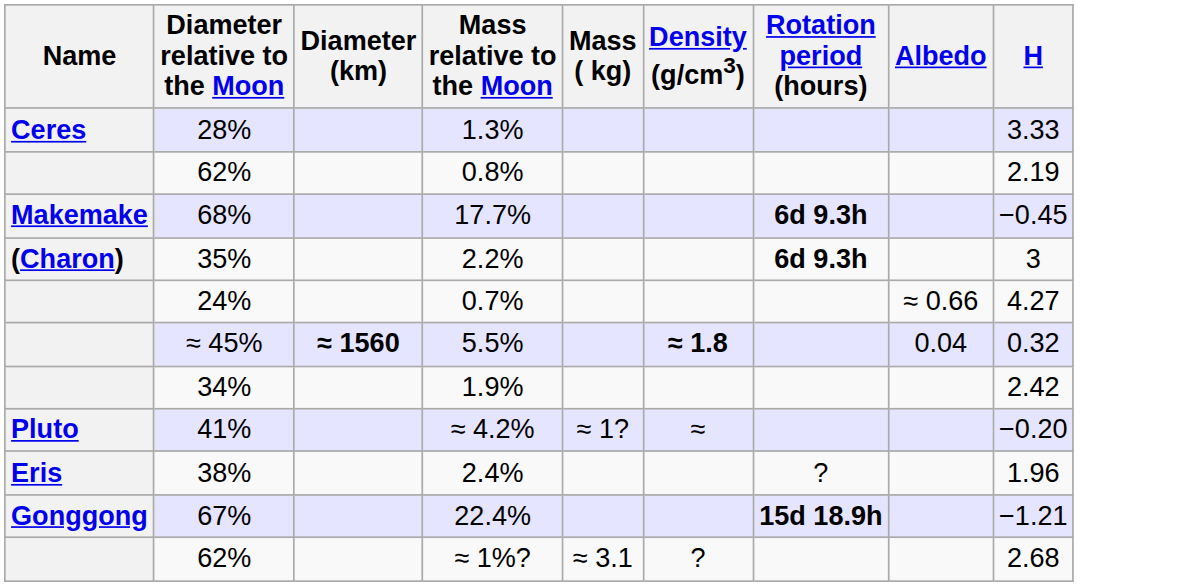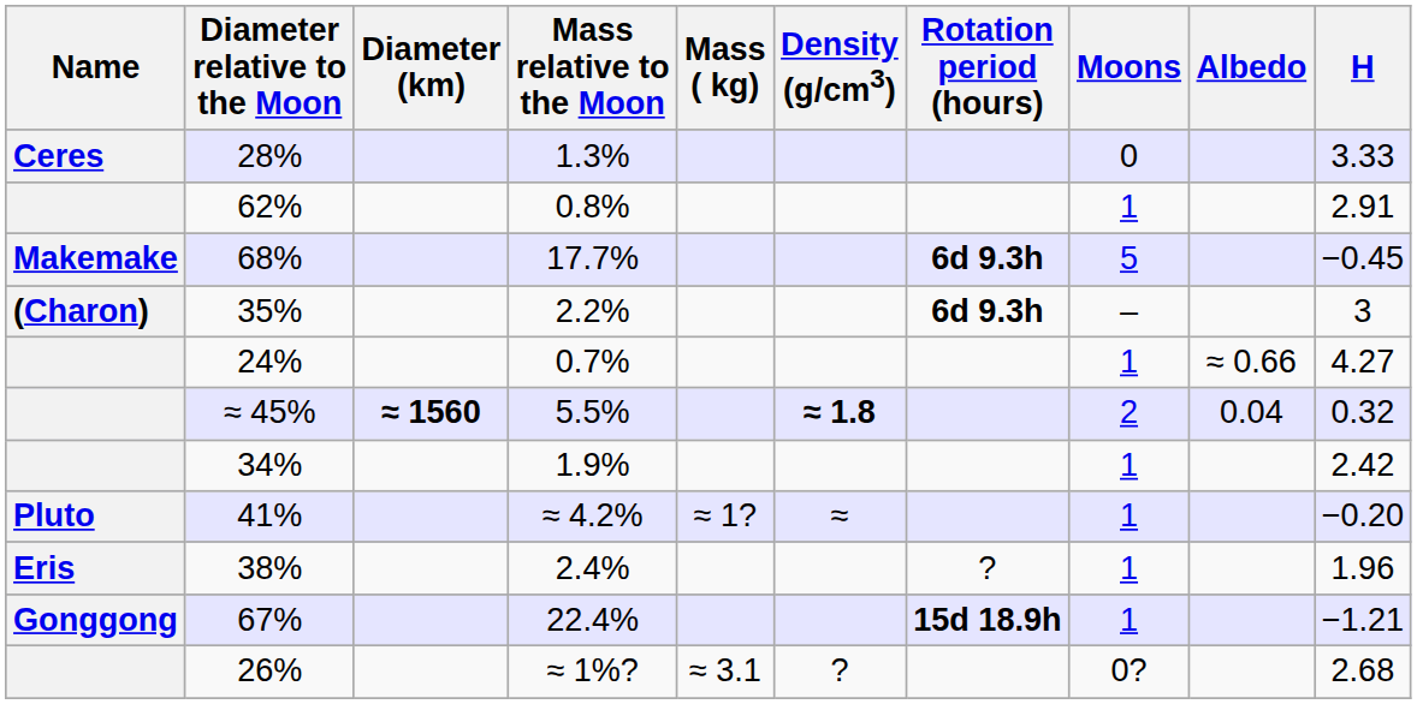 <table class="wikitable sortable" style="text-align: center">
 <tr>
 <th scope=col width=54>Name</th>
 <th scope=col>Diameter <br> relative to <br> the <a href='#'>Moon</a></th>
 <th scope=col>Diameter <br> (km)</th>
 <th scope=col>Mass <br> relative to <br> the <a href='#'>Moon</a></th>
 <th scope=col>Mass <br> ( kg)</th>
 <th scope=col><a href='#'>Density</a> <br> (g/cm<sup>3</sup>)</th>
 <th scope=col><a href='#'>Rotation <br> period</a> <br> (hours)</th>
+<th scope=col><a href='#'>Moons</a></th>
 <th scope=col><a href='#'>Albedo</a></th>
 <th scope=col><a href='#'>H</a></th>
 </tr>
 <tr style="background: #E5E5FF;">
 <th scope=row style="text-align: left"><a href='#'>Ceres</a></th>
 <td>28%</td>
 <td></td>
 <td>1.3%</td>
 <td></td>
 <td></td>
 <td></td>
+<td>0</td>
 <td></td>
 <td>3.33</td>
 </tr>
 <tr>
 <th scope=row style="text-align: left"></th>
 <td>62%</td>
 <td></td>
 <td>0.8%</td>
 <td></td>
 <td></td>
 <td></td>
+<td><a href='#'>1</a></td>
 <td></td>
-<td>2.19</td>
+<td>2.91</td>
 </tr>
 <tr style="background: #E5E5FF;">
 <th scope=row style="text-align: left"><a href='#'>Makemake</a></th>
 <td>68%</td>
 <td></td>
 <td>17.7%</td>
 <td></td>
 <td></td>
 <td><strong>6d 9.3h</strong></td>
+<td><a href='#'>5</a></td>
 <td></td>
 <td>−0.45</td>
 </tr>
 <tr>
 <th scope=row style="text-align: left" data-sort-value="Charon">(<a href='#'>Charon</a>)</th>
 <td>35%</td>
 <td></td>
 <td>2.2%</td>
 <td></td>
 <td></td>
 <td><strong>6d 9.3h</strong></td>
+<td>–</td>
 <td></td>
 <td>3</td>
 </tr>
 <tr align=center>
 <th scope=row style="text-align: left"><em></em></th>
 <td>24%</td>
 <td></td>
 <td>0.7%</td>
 <td></td>
 <td></td>
 <td></td>
+<td><a href='#'>1</a></td>
 <td>≈ 0.66</td>
 <td>4.27</td>
 </tr>
 <tr style="background: #E5E5FF;">
 <th scope=row style="text-align: left"></th>
 <td data-sort-value="45%">≈ 45%</td>
 <td><strong>≈ 1560</strong></td>
 <td>5.5%</td>
 <td></td>
 <td><strong>≈ 1.8</strong></td>
 <td></td>
+<td><a href='#'>2</a></td>
 <td>0.04</td>
 <td>0.32</td>
 </tr>
 <tr>
 <th scope=row style="text-align: left"></th>
 <td>34%</td>
 <td></td>
 <td>1.9%</td>
 <td></td>
 <td></td>
 <td></td>
+<td><a href='#'>1</a></td>
 <td></td>
 <td>2.42</td>
 </tr>
 <tr style="background: #E5E5FF;">
 <th scope=row style="text-align: left"><a href='#'>Pluto</a></th>
 <td>41%</td>
 <td></td>
 <td data-sort-value="4.2%">≈ 4.2%</td>
 <td>≈ 1?</td>
 <td>≈ </td>
 <td></td>
+<td><a href='#'>1</a></td>
 <td></td>
 <td>−0.20</td>
 </tr>
 <tr>
 <th scope=row style="text-align: left"><a href='#'>Eris</a></th>
 <td>38%</td>
 <td></td>
 <td>2.4%</td>
 <td></td>
 <td></td>
 <td>?</td>
+<td><a href='#'>1</a></td>
 <td></td>
 <td>1.96</td>
 </tr>
 <tr style="background: #E5E5FF;">
 <th scope=row style="text-align: left"><a href='#'>Gonggong</a></th>
 <td>67%</td>
 <td></td>
 <td>22.4%</td>
 <td></td>
 <td></td>
 <td><strong>15d 18.9h</strong></td>
+<td><a href='#'>1</a></td>
 <td></td>
 <td>−1.21</td>
 </tr>
 <tr>
 <th scope=row style="text-align: left"></th>
-<td>62%</td>
+<td>26%</td>
 <td></td>
 <td data-sort-value="1%">≈ 1%?</td>
 <td>≈ 3.1</td>
 <td>?</td>
 <td></td>
+<td>0?</td>
 <td></td>
 <td>2.68</td>
 </tr>
 </table>
